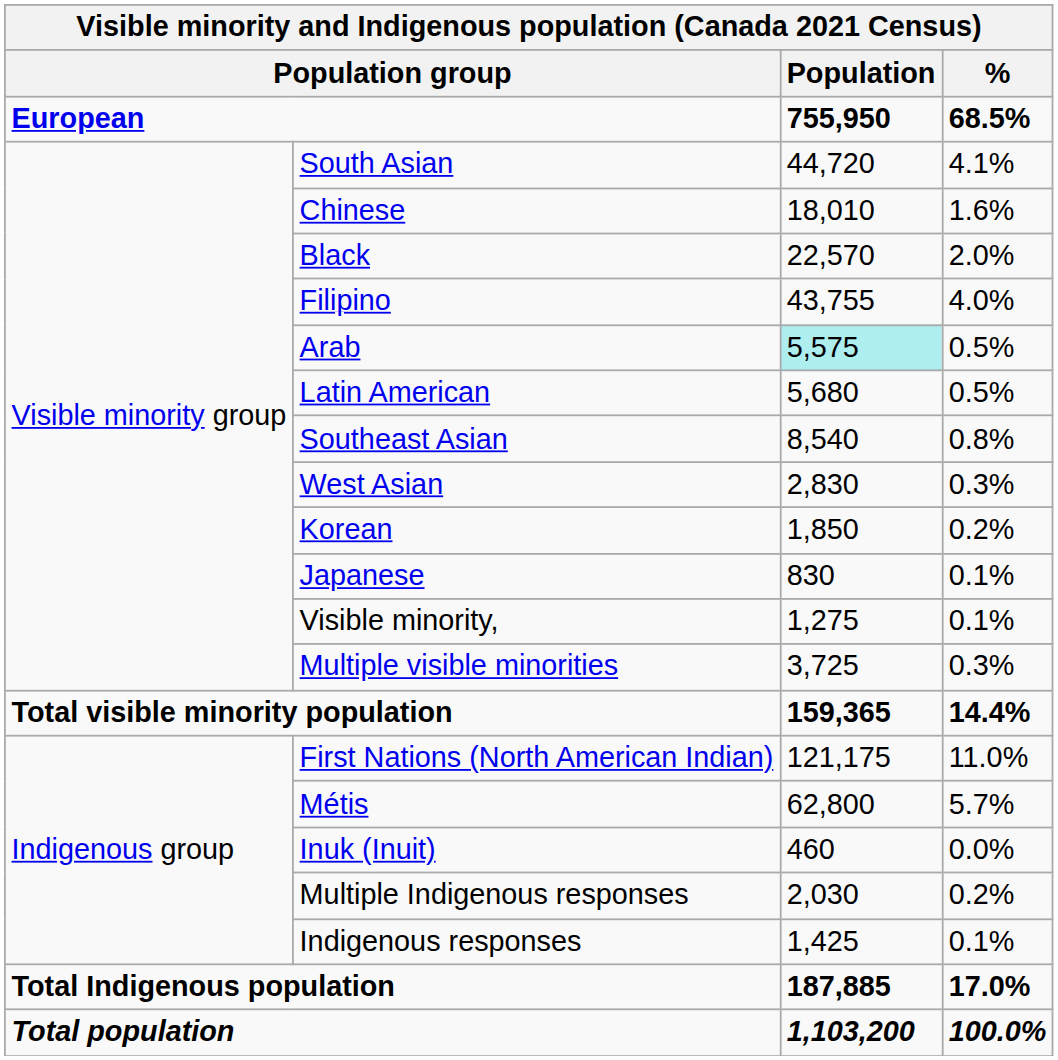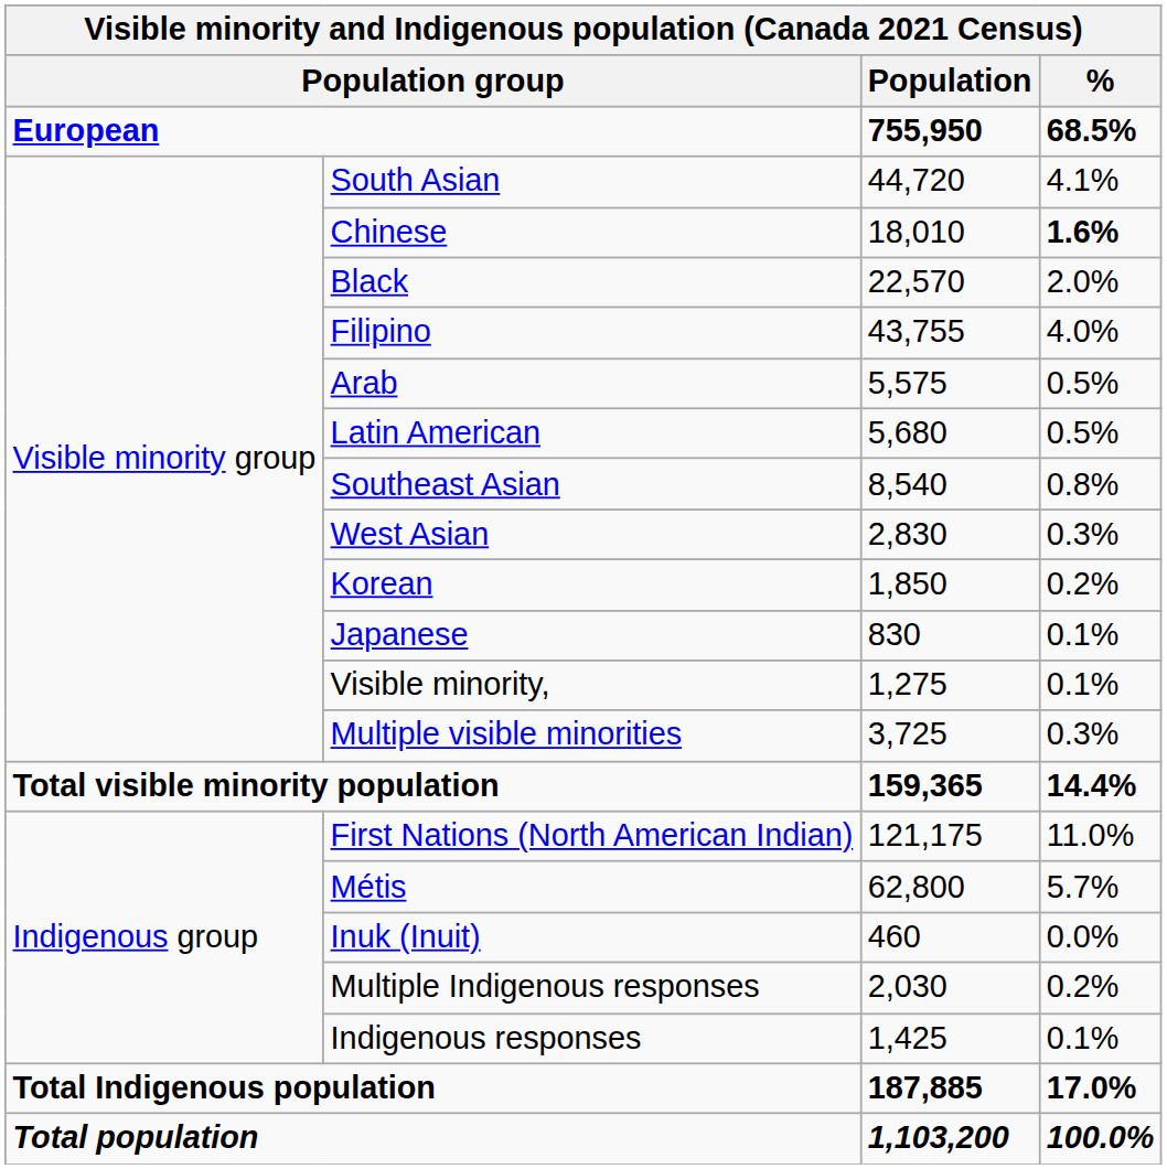 <table class="wikitable">
 <tr>
 <th colspan=4>Visible minority and Indigenous population (Canada 2021 Census)</th>
 </tr>
 <tr>
 <th colspan="2">Population group</th>
 <th>Population</th>
 <th>%</th>
 </tr>
 <tr>
 <td colspan="2"><strong><a href='#'>European</a></strong></td>
 <td><strong>755,950</strong></td>
 <td><strong>68.5%</strong></td>
 </tr>
 <tr>
 <td rowspan="12"><a href='#'>Visible minority</a> group<br></td>
 <td><a href='#'>South Asian</a></td>
 <td>44,720</td>
 <td>4.1%</td>
 </tr>
 <tr>
 <td><a href='#'>Chinese</a></td>
 <td>18,010</td>
-<td>1.6%</td>
+<td><strong>1.6%</strong></td>
 </tr>
 <tr>
 <td><a href='#'>Black</a></td>
 <td>22,570</td>
 <td>2.0%</td>
 </tr>
 <tr>
 <td><a href='#'>Filipino</a></td>
 <td>43,755</td>
 <td>4.0%</td>
 </tr>
 <tr>
 <td><a href='#'>Arab</a></td>
-<td style="background: paleturquoise;">5,575</td>
+<td>5,575</td>
 <td>0.5%</td>
 </tr>
 <tr>
 <td><a href='#'>Latin American</a></td>
 <td>5,680</td>
 <td>0.5%</td>
 </tr>
 <tr>
 <td><a href='#'>Southeast Asian</a></td>
 <td>8,540</td>
 <td>0.8%</td>
 </tr>
 <tr>
 <td><a href='#'>West Asian</a></td>
 <td>2,830</td>
 <td>0.3%</td>
 </tr>
 <tr>
 <td><a href='#'>Korean</a></td>
 <td>1,850</td>
 <td>0.2%</td>
 </tr>
 <tr>
 <td><a href='#'>Japanese</a></td>
 <td>830</td>
 <td>0.1%</td>
 </tr>
 <tr>
 <td>Visible minority, </td>
 <td>1,275</td>
 <td>0.1%</td>
 </tr>
 <tr>
 <td><a href='#'>Multiple visible minorities</a></td>
 <td>3,725</td>
 <td>0.3%</td>
 </tr>
 <tr>
 <td colspan="2"><strong>Total visible minority population</strong></td>
 <td><strong>159,365</strong></td>
 <td><strong>14.4%</strong></td>
 </tr>
 <tr>
 <td rowspan="5"><a href='#'>Indigenous</a> group<br></td>
 <td><a href='#'>First Nations (North American Indian)</a></td>
 <td>121,175</td>
 <td>11.0%</td>
 </tr>
 <tr>
 <td><a href='#'>Métis</a></td>
 <td>62,800</td>
 <td>5.7%</td>
 </tr>
 <tr>
 <td><a href='#'>Inuk (Inuit)</a></td>
 <td>460</td>
 <td>0.0%</td>
 </tr>
 <tr>
 <td>Multiple Indigenous responses</td>
 <td>2,030</td>
 <td>0.2%</td>
 </tr>
 <tr>
 <td>Indigenous responses </td>
 <td>1,425</td>
 <td>0.1%</td>
 </tr>
 <tr>
 <td colspan="2"><strong>Total Indigenous population</strong></td>
 <td><strong>187,885</strong></td>
 <td><strong>17.0%</strong></td>
 </tr>
 <tr>
 <td colspan="2"><strong><em>Total population</em></strong></td>
 <td><strong><em>1,103,200</em></strong></td>
 <td><strong><em>100.0%</em></strong></td>
 </tr>
 </table>
